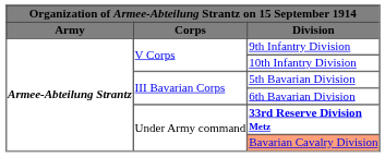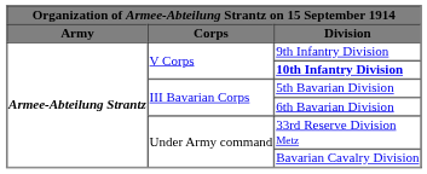 <table style="float: right;" border="1" cellpadding="1" cellspacing="0" style="font-size: 100%; border: gray solid 1px; border-collapse: collapse; text-align: center;">
 <tr style="background-color:grey; color:black;">
 <th colspan="3">Organization of <em>Armee-Abteilung</em> Strantz on 15 September 1914</th>
 </tr>
 <tr>
 </tr>
 <tr style="background-color:grey; color:black;">
 <th>Army</th>
 <th>Corps</th>
 <th>Division</th>
 </tr>
 <tr>
 <td ROWSPAN=6><strong><em>Armee-Abteilung<em> Strantz<strong></td>
 <td ROWSPAN=2><a href='#'>V Corps</a></td>
 <td><a href='#'>9th Infantry Division</a></td>
 </tr>
 <tr>
-<td><a href='#'>10th Infantry Division</a></td>
+<td><strong><a href='#'>10th Infantry Division</a></strong></td>
 </tr>
 <tr>
 <td ROWSPAN=2><a href='#'>III Bavarian Corps</a></td>
 <td><a href='#'>5th Bavarian Division</a></td>
 </tr>
 <tr>
 <td><a href='#'>6th Bavarian Division</a></td>
 </tr>
 <tr>
 <td ROWSPAN=2>Under Army command</td>
-<td><strong><a href='#'>33rd Reserve Division</a><br><small><a href='#'>Metz</a></small></strong></td>
+<td><a href='#'>33rd Reserve Division</a><br><small><a href='#'>Metz</a></small></td>
 </tr>
 <tr>
-<td style="background: lightsalmon;"><a href='#'>Bavarian Cavalry Division</a></td>
+<td><a href='#'>Bavarian Cavalry Division</a></td>
 </tr>
 </table>
